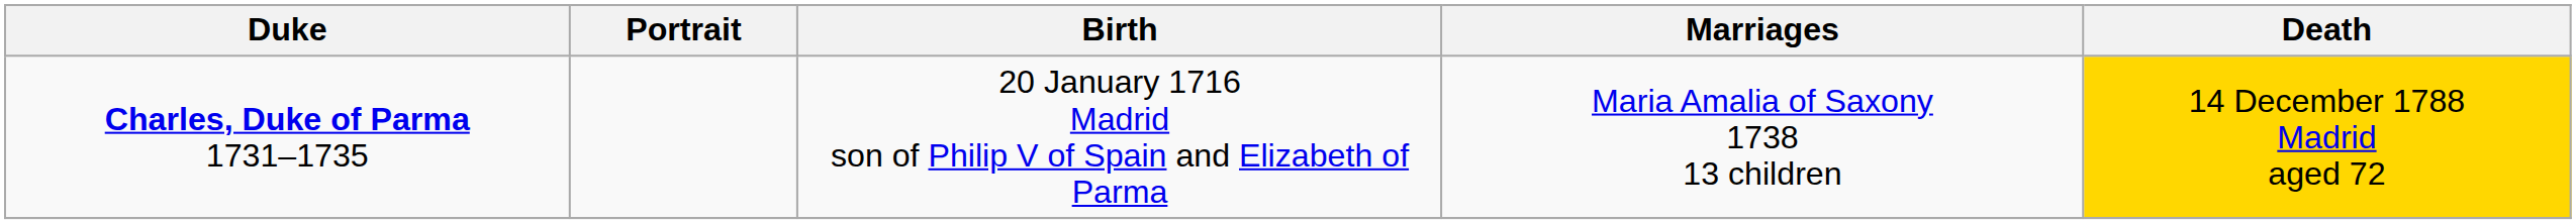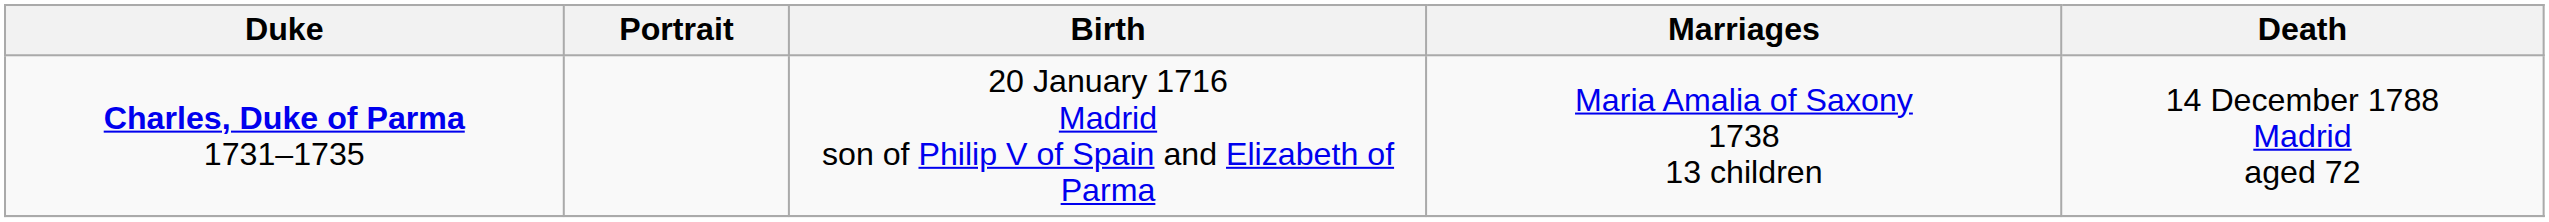 <table style="text-align:center; width:100%" class="wikitable">
 <tr>
 <th width=22%>Duke</th>
 <th width=105px>Portrait</th>
 <th>Birth</th>
 <th width=25%>Marriages</th>
 <th width=19%>Death</th>
 </tr>
 <tr>
 <td><strong><a href='#'>Charles, Duke of Parma</a></strong><br>1731–1735</td>
 <td></td>
 <td>20 January 1716<br><a href='#'>Madrid</a><br>son of <a href='#'>Philip V of Spain</a> and <a href='#'>Elizabeth of Parma</a></td>
 <td><a href='#'>Maria Amalia of Saxony</a><br>1738<br>13 children</td>
-<td style="background: gold;">14 December 1788<br><a href='#'>Madrid</a><br>aged 72</td>
+<td>14 December 1788<br><a href='#'>Madrid</a><br>aged 72</td>
 </tr>
 <tr>
 </tr>
 </table>
